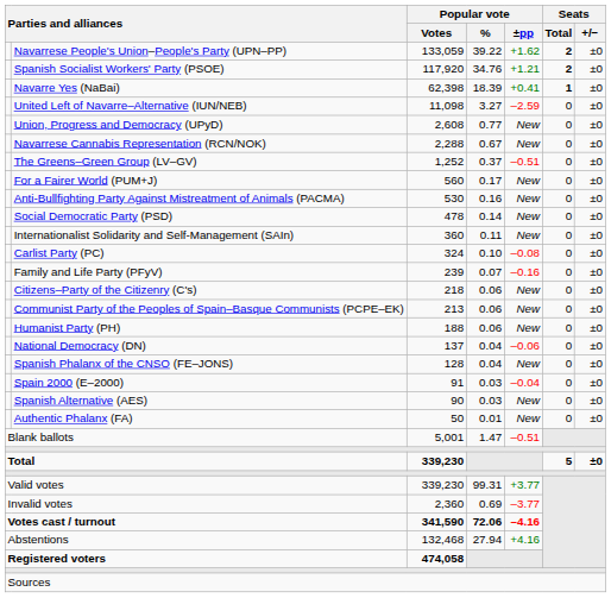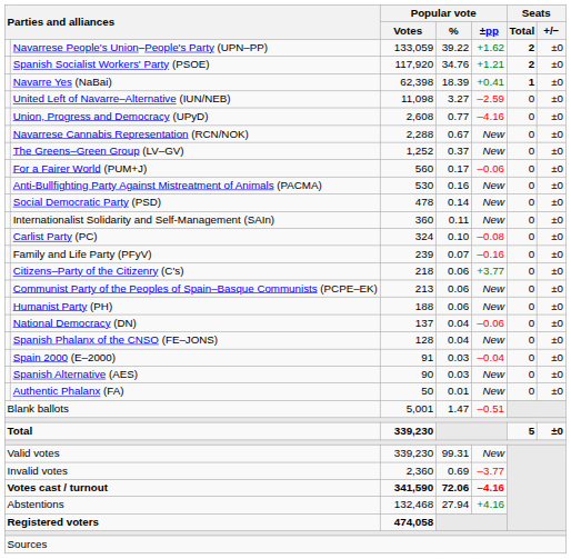 <table class="wikitable" style="text-align:right;">
 <tr>
 <th style="text-align:left;" rowspan="2" colspan="2" width="525">Parties and alliances</th>
 <th colspan="3">Popular vote</th>
 <th colspan="2">Seats</th>
 </tr>
 <tr>
 <th width="75">Votes</th>
 <th width="45">%</th>
 <th width="45">±<a href='#'>pp</a></th>
 <th width="35">Total</th>
 <th width="35">+/−</th>
 </tr>
 <tr>
 <td width="1" style="color:inherit;background:"></td>
 <td align="left"><a href='#'>Navarrese People's Union</a>–<a href='#'>People's Party</a> (UPN–PP)</td>
 <td>133,059</td>
 <td>39.22</td>
 <td style="color:green;">+1.62</td>
 <td><strong>2</strong></td>
 <td>±0</td>
 </tr>
 <tr>
 <td style="color:inherit;background:"></td>
 <td align="left"><a href='#'>Spanish Socialist Workers' Party</a> (PSOE)</td>
 <td>117,920</td>
 <td>34.76</td>
 <td style="color:green;">+1.21</td>
 <td><strong>2</strong></td>
 <td>±0</td>
 </tr>
 <tr>
 <td style="color:inherit;background:"></td>
 <td align="left"><a href='#'>Navarre Yes</a> (NaBai)</td>
 <td>62,398</td>
 <td>18.39</td>
 <td style="color:green;">+0.41</td>
 <td><strong>1</strong></td>
 <td>±0</td>
 </tr>
 <tr>
 <td style="color:inherit;background:"></td>
 <td align="left"><a href='#'>United Left of Navarre–Alternative</a> (IUN/NEB)</td>
 <td>11,098</td>
 <td>3.27</td>
 <td style="color:red;">–2.59</td>
 <td>0</td>
 <td>±0</td>
 </tr>
 <tr>
 <td style="color:inherit;background:"></td>
 <td align="left"><a href='#'>Union, Progress and Democracy</a> (UPyD)</td>
 <td>2,608</td>
 <td>0.77</td>
-<td><em>New</em></td>
+<td style="color:red;">–4.16</td>
 <td>0</td>
 <td>±0</td>
 </tr>
 <tr>
 <td style="color:inherit;background:"></td>
 <td align="left"><a href='#'>Navarrese Cannabis Representation</a> (RCN/NOK)</td>
 <td>2,288</td>
 <td>0.67</td>
 <td><em>New</em></td>
 <td>0</td>
 <td>±0</td>
 </tr>
 <tr>
 <td style="color:inherit;background:"></td>
 <td align="left"><a href='#'>The Greens–Green Group</a> (LV–GV)</td>
 <td>1,252</td>
 <td>0.37</td>
-<td style="color:red;">–0.51</td>
+<td><em>New</em></td>
 <td>0</td>
 <td>±0</td>
 </tr>
 <tr>
 <td style="color:inherit;background:"></td>
 <td align="left"><a href='#'>For a Fairer World</a> (PUM+J)</td>
 <td>560</td>
 <td>0.17</td>
-<td><em>New</em></td>
+<td style="color:red;">–0.06</td>
 <td>0</td>
 <td>±0</td>
 </tr>
 <tr>
 <td style="color:inherit;background:"></td>
 <td align="left"><a href='#'>Anti-Bullfighting Party Against Mistreatment of Animals</a> (PACMA)</td>
 <td>530</td>
 <td>0.16</td>
 <td><em>New</em></td>
 <td>0</td>
 <td>±0</td>
 </tr>
 <tr>
 <td style="color:inherit;background:"></td>
 <td align="left"><a href='#'>Social Democratic Party</a> (PSD)</td>
 <td>478</td>
 <td>0.14</td>
 <td><em>New</em></td>
 <td>0</td>
 <td>±0</td>
 </tr>
 <tr>
 <td style="color:inherit;background:"></td>
 <td align="left">Internationalist Solidarity and Self-Management (SAIn)</td>
 <td>360</td>
 <td>0.11</td>
 <td><em>New</em></td>
 <td>0</td>
 <td>±0</td>
 </tr>
 <tr>
 <td style="color:inherit;background:"></td>
 <td align="left"><a href='#'>Carlist Party</a> (PC)</td>
 <td>324</td>
 <td>0.10</td>
 <td style="color:red;">–0.08</td>
 <td>0</td>
 <td>±0</td>
 </tr>
 <tr>
 <td style="color:inherit;background:"></td>
 <td align="left">Family and Life Party (PFyV)</td>
 <td>239</td>
 <td>0.07</td>
 <td style="color:red;">–0.16</td>
 <td>0</td>
 <td>±0</td>
 </tr>
 <tr>
 <td style="color:inherit;background:"></td>
 <td align="left"><a href='#'>Citizens–Party of the Citizenry</a> (C's)</td>
 <td>218</td>
 <td>0.06</td>
-<td><em>New</em></td>
+<td style="color:green;">+3.77</td>
 <td>0</td>
 <td>±0</td>
 </tr>
 <tr>
 <td style="color:inherit;background:"></td>
 <td align="left"><a href='#'>Communist Party of the Peoples of Spain–Basque Communists</a> (PCPE–EK)</td>
 <td>213</td>
 <td>0.06</td>
 <td><em>New</em></td>
 <td>0</td>
 <td>±0</td>
 </tr>
 <tr>
 <td style="color:inherit;background:"></td>
 <td align="left"><a href='#'>Humanist Party</a> (PH)</td>
 <td>188</td>
 <td>0.06</td>
 <td><em>New</em></td>
 <td>0</td>
 <td>±0</td>
 </tr>
 <tr>
 <td style="color:inherit;background:"></td>
 <td align="left"><a href='#'>National Democracy</a> (DN)</td>
 <td>137</td>
 <td>0.04</td>
 <td style="color:red;">–0.06</td>
 <td>0</td>
 <td>±0</td>
 </tr>
 <tr>
 <td style="color:inherit;background:"></td>
 <td align="left"><a href='#'>Spanish Phalanx of the CNSO</a> (FE–JONS)</td>
 <td>128</td>
 <td>0.04</td>
 <td><em>New</em></td>
 <td>0</td>
 <td>±0</td>
 </tr>
 <tr>
 <td style="color:inherit;background:"></td>
 <td align="left"><a href='#'>Spain 2000</a> (E–2000)</td>
 <td>91</td>
 <td>0.03</td>
 <td style="color:red;">–0.04</td>
 <td>0</td>
 <td>±0</td>
 </tr>
 <tr>
 <td style="color:inherit;background:"></td>
 <td align="left"><a href='#'>Spanish Alternative</a> (AES)</td>
 <td>90</td>
 <td>0.03</td>
 <td><em>New</em></td>
 <td>0</td>
 <td>±0</td>
 </tr>
 <tr>
 <td style="color:inherit;background:"></td>
 <td align="left"><a href='#'>Authentic Phalanx</a> (FA)</td>
 <td>50</td>
 <td>0.01</td>
 <td><em>New</em></td>
 <td>0</td>
 <td>±0</td>
 </tr>
 <tr>
 <td align="left" colspan="2">Blank ballots</td>
 <td>5,001</td>
 <td>1.47</td>
 <td style="color:red;">–0.51</td>
 <td bgcolor="#E9E9E9" colspan="2"></td>
 </tr>
 <tr>
 <td colspan="7" bgcolor="#E9E9E9"></td>
 </tr>
 <tr style="font-weight:bold;">
 <td align="left" colspan="2">Total</td>
 <td>339,230</td>
 <td bgcolor="#E9E9E9" colspan="2"></td>
 <td>5</td>
 <td>±0</td>
 </tr>
 <tr>
 <td colspan="7" bgcolor="#E9E9E9"></td>
 </tr>
 <tr>
 <td align="left" colspan="2">Valid votes</td>
 <td>339,230</td>
 <td>99.31</td>
-<td style="color:green;">+3.77</td>
+<td><em>New</em></td>
 <td bgcolor="#E9E9E9" colspan="2" rowspan="5"></td>
 </tr>
 <tr>
 <td align="left" colspan="2">Invalid votes</td>
 <td>2,360</td>
 <td>0.69</td>
 <td style="color:red;">–3.77</td>
 </tr>
 <tr style="font-weight:bold;">
 <td align="left" colspan="2">Votes cast / turnout</td>
 <td>341,590</td>
 <td>72.06</td>
 <td style="color:red;">–4.16</td>
 </tr>
 <tr>
 <td align="left" colspan="2">Abstentions</td>
 <td>132,468</td>
 <td>27.94</td>
 <td style="color:green;">+4.16</td>
 </tr>
 <tr style="font-weight:bold;">
 <td align="left" colspan="2">Registered voters</td>
 <td>474,058</td>
 <td bgcolor="#E9E9E9" colspan="2"></td>
 </tr>
 <tr>
 <td colspan="7" bgcolor="#E9E9E9"></td>
 </tr>
 <tr>
 <td align="left" colspan="7">Sources</td>
 </tr>
 </table>
